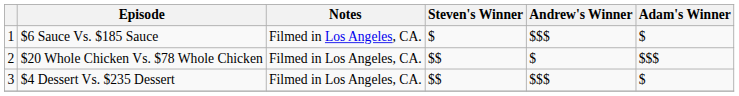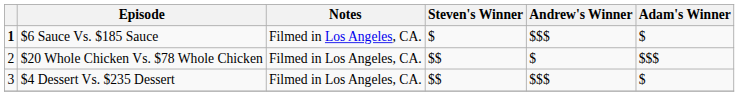 <table class="wikitable">
 <tr>
 <th></th>
 <th>Episode</th>
 <th>Notes</th>
 <th>Steven's Winner</th>
 <th>Andrew's Winner</th>
 <th>Adam's Winner</th>
 </tr>
 <tr>
-<td>1</td>
+<td><strong>1</strong></td>
 <td>$6 Sauce Vs. $185 Sauce</td>
 <td>Filmed in <a href='#'>Los Angeles</a>, CA.</td>
 <td>$</td>
 <td>$$$</td>
 <td>$</td>
 </tr>
 <tr>
 <td>2</td>
 <td>$20 Whole Chicken Vs. $78 Whole Chicken</td>
 <td>Filmed in Los Angeles, CA.</td>
 <td>$$</td>
 <td>$</td>
 <td>$$$</td>
 </tr>
 <tr>
 <td>3</td>
 <td>$4 Dessert Vs. $235 Dessert</td>
 <td>Filmed in Los Angeles, CA.</td>
 <td>$$</td>
 <td>$$$</td>
 <td>$</td>
 </tr>
 <tr>
 </tr>
 </table>
